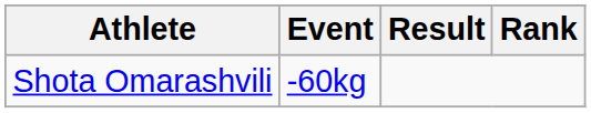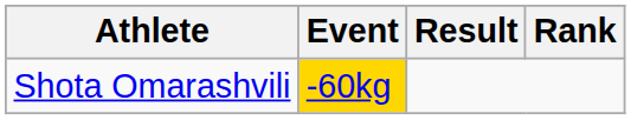 <table class="wikitable">
 <tr>
 <th>Athlete</th>
 <th>Event</th>
 <th>Result</th>
 <th>Rank</th>
 </tr>
 <tr align=center>
 <td align=left><a href='#'>Shota Omarashvili</a></td>
-<td align=left><a href='#'>-60kg</a></td>
+<td align=left style="background: gold;"><a href='#'>-60kg</a></td>
 <td colspan=2></td>
 </tr>
 </table>
